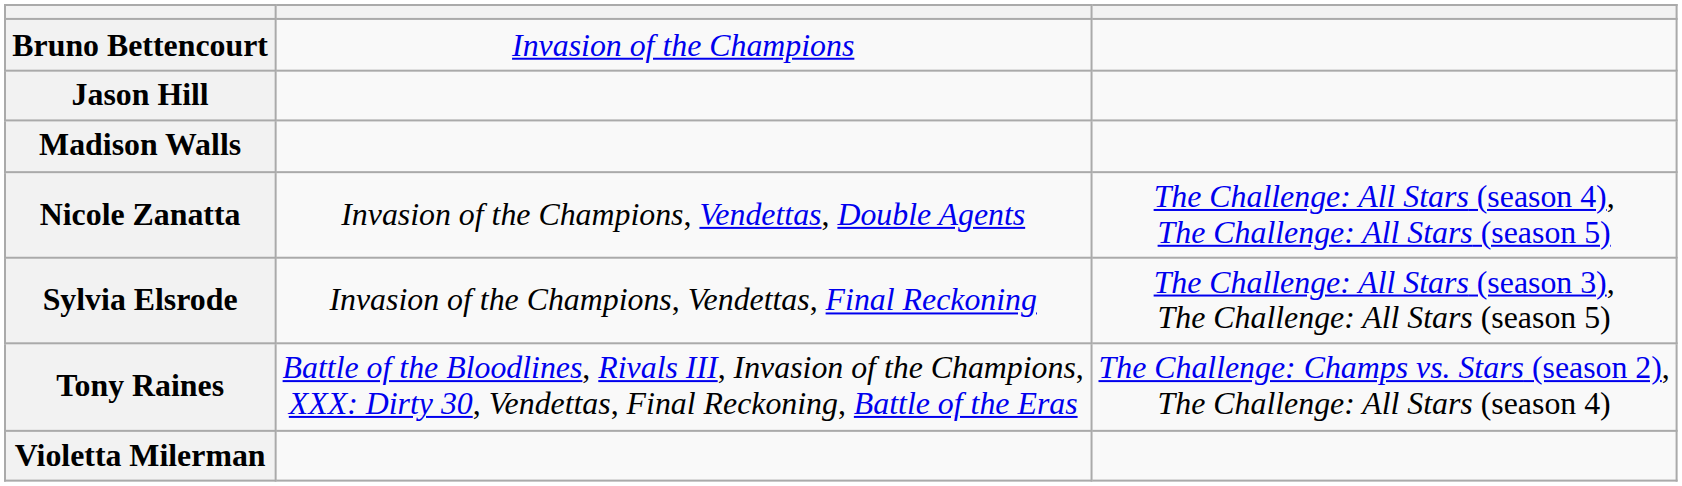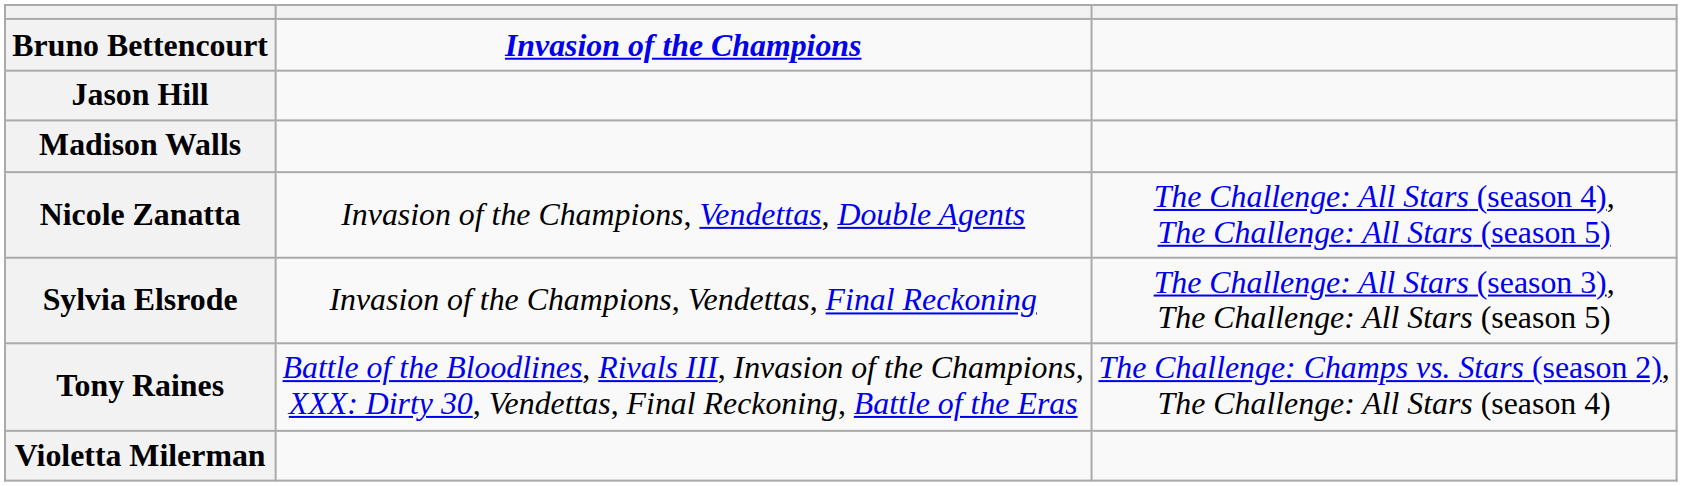 <table class="wikitable sortable" style="text-align: center">
 <tr>
 <th scope="col"></th>
 <th scope="col"></th>
 <th scope="col"></th>
 </tr>
 <tr>
 <th scope="row" nowrap>Bruno Bettencourt</th>
-<td><em><a href='#'>Invasion of the Champions</a></em></td>
+<td><strong><em><a href='#'>Invasion of the Champions</a></em></strong></td>
 <td></td>
 </tr>
 <tr>
 <th scope="row">Jason Hill</th>
 <td></td>
 <td></td>
 </tr>
 <tr>
 <th scope="row">Madison Walls</th>
 <td></td>
 <td></td>
 </tr>
 <tr>
 <th scope="row">Nicole Zanatta</th>
 <td><em>Invasion of the Champions</em>, <em><a href='#'>Vendettas</a></em>, <em><a href='#'>Double Agents</a></em></td>
 <td><a href='#'><em>The Challenge: All Stars</em> (season 4)</a>,<br><a href='#'><em>The Challenge: All Stars</em> (season 5)</a></td>
 </tr>
 <tr>
 <th scope="row">Sylvia Elsrode</th>
 <td><em>Invasion of the Champions</em>, <em>Vendettas</em>, <em><a href='#'>Final Reckoning</a></em></td>
 <td><a href='#'><em>The Challenge: All Stars</em> (season 3)</a>,<br><em>The Challenge: All Stars</em> (season 5)</td>
 </tr>
 <tr>
 <th scope="row">Tony Raines</th>
 <td><em><a href='#'>Battle of the Bloodlines</a></em>, <em><a href='#'>Rivals III</a></em>, <em>Invasion of the Champions</em>,<br><em><a href='#'>XXX: Dirty 30</a></em>, <em>Vendettas</em>, <em>Final Reckoning</em>, <em><a href='#'>Battle of the Eras</a></em></td>
 <td><a href='#'><em>The Challenge: Champs vs. Stars</em> (season 2)</a>,<br><em>The Challenge: All Stars</em> (season 4)</td>
 </tr>
 <tr>
 <th scope="row">Violetta Milerman</th>
 <td></td>
 <td></td>
 </tr>
 </table>
